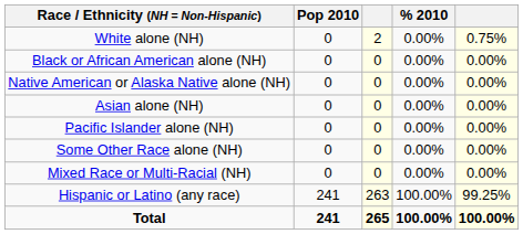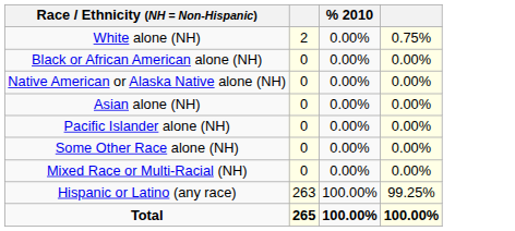 <table class="wikitable" style="text-align:center;">
 <tr>
 <th>Race / Ethnicity <small>(<em>NH = Non-Hispanic</em>)</small></th>
-<th>Pop 2010</th>
 <th></th>
 <th>% 2010</th>
 <th></th>
 </tr>
 <tr>
 <td><a href='#'>White</a> alone (NH)</td>
-<td>0</td>
 <td style='background: #ffffe6;'>2</td>
 <td>0.00%</td>
 <td style='background: #ffffe6;'>0.75%</td>
 </tr>
 <tr>
 <td><a href='#'>Black or African American</a> alone (NH)</td>
-<td>0</td>
 <td style='background: #ffffe6;'>0</td>
 <td>0.00%</td>
 <td style='background: #ffffe6;'>0.00%</td>
 </tr>
 <tr>
 <td><a href='#'>Native American</a> or <a href='#'>Alaska Native</a> alone (NH)</td>
-<td>0</td>
 <td style='background: #ffffe6;'>0</td>
 <td>0.00%</td>
 <td style='background: #ffffe6;'>0.00%</td>
 </tr>
 <tr>
 <td><a href='#'>Asian</a> alone (NH)</td>
-<td>0</td>
 <td style='background: #ffffe6;'>0</td>
 <td>0.00%</td>
 <td style='background: #ffffe6;'>0.00%</td>
 </tr>
 <tr>
 <td><a href='#'>Pacific Islander</a> alone (NH)</td>
-<td>0</td>
 <td style='background: #ffffe6;'>0</td>
 <td>0.00%</td>
 <td style='background: #ffffe6;'>0.00%</td>
 </tr>
 <tr>
 <td><a href='#'>Some Other Race</a> alone (NH)</td>
-<td>0</td>
 <td style='background: #ffffe6;'>0</td>
 <td>0.00%</td>
 <td style='background: #ffffe6;'>0.00%</td>
 </tr>
 <tr>
 <td><a href='#'>Mixed Race or Multi-Racial</a> (NH)</td>
-<td>0</td>
 <td style='background: #ffffe6;'>0</td>
 <td>0.00%</td>
 <td style='background: #ffffe6;'>0.00%</td>
 </tr>
 <tr>
 <td><a href='#'>Hispanic or Latino</a> (any race)</td>
-<td>241</td>
 <td style='background: #ffffe6;'>263</td>
 <td>100.00%</td>
 <td style='background: #ffffe6;'>99.25%</td>
 </tr>
 <tr>
 <td><strong>Total</strong></td>
-<td><strong>241</strong></td>
 <td style='background: #ffffe6;'><strong>265</strong></td>
 <td><strong>100.00%</strong></td>
 <td style='background: #ffffe6;'><strong>100.00%</strong></td>
 </tr>
 </table>
